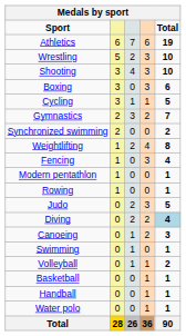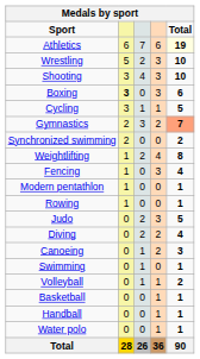 <table class="wikitable" style="font-size:85%; float: right;">
 <tr style="background:#efefef;">
 <th colspan=5>Medals by sport</th>
 </tr>
 <tr align=center>
 <td><strong>Sport</strong></td>
 <td bgcolor=#f7f6a8></td>
 <td bgcolor=#dce5e5></td>
 <td bgcolor=#ffdab9></td>
 <td><strong>Total</strong></td>
 </tr>
 <tr align=center>
 <td><a href='#'>Athletics</a></td>
 <td style="background:#F7F6A8;">6</td>
 <td style="background:#DCE5E5;">7</td>
 <td style="background:#FFDAB9;">6</td>
-<td><strong>19</strong></td>
+<td style="background: lightyellow;"><strong>19</strong></td>
 </tr>
 <tr align=center>
 <td><a href='#'>Wrestling</a></td>
 <td style="background:#F7F6A8;">5</td>
 <td style="background:#DCE5E5;">2</td>
 <td style="background:#FFDAB9;">3</td>
 <td><strong>10</strong></td>
 </tr>
 <tr align=center>
 <td><a href='#'>Shooting</a></td>
 <td style="background:#F7F6A8;">3</td>
 <td style="background:#DCE5E5;">4</td>
 <td style="background:#FFDAB9;">3</td>
 <td><strong>10</strong></td>
 </tr>
 <tr align=center>
 <td><a href='#'>Boxing</a></td>
-<td style="background:#F7F6A8;">3</td>
+<td style="background:#F7F6A8;"><strong>3</strong></td>
 <td style="background:#DCE5E5;">0</td>
 <td style="background:#FFDAB9;">3</td>
 <td><strong>6</strong></td>
 </tr>
 <tr align=center>
 <td><a href='#'>Cycling</a></td>
 <td style="background:#F7F6A8;">3</td>
 <td style="background:#DCE5E5;">1</td>
 <td style="background:#FFDAB9;">1</td>
 <td><strong>5</strong></td>
 </tr>
 <tr align=center>
 <td><a href='#'>Gymnastics</a></td>
 <td style="background:#F7F6A8;">2</td>
 <td style="background:#DCE5E5;">3</td>
 <td style="background:#FFDAB9;">2</td>
-<td><strong>7</strong></td>
+<td style="background: lightsalmon;"><strong>7</strong></td>
 </tr>
 <tr align=center>
 <td><a href='#'>Synchronized swimming</a></td>
 <td style="background:#F7F6A8;">2</td>
 <td style="background:#DCE5E5;">0</td>
 <td style="background:#FFDAB9;">0</td>
 <td><strong>2</strong></td>
 </tr>
 <tr align=center>
 <td><a href='#'>Weightlifting</a></td>
 <td style="background:#F7F6A8;">1</td>
 <td style="background:#DCE5E5;">2</td>
 <td style="background:#FFDAB9;">4</td>
 <td><strong>8</strong></td>
 </tr>
 <tr align=center>
 <td><a href='#'>Fencing</a></td>
 <td style="background:#F7F6A8;">1</td>
 <td style="background:#DCE5E5;">0</td>
 <td style="background:#FFDAB9;">3</td>
 <td><strong>4</strong></td>
 </tr>
 <tr align=center>
 <td><a href='#'>Modern pentathlon</a></td>
 <td style="background:#F7F6A8;">1</td>
 <td style="background:#DCE5E5;">0</td>
 <td style="background:#FFDAB9;">0</td>
 <td><strong>1</strong></td>
 </tr>
 <tr align=center>
 <td><a href='#'>Rowing</a></td>
 <td style="background:#F7F6A8;">1</td>
 <td style="background:#DCE5E5;">0</td>
 <td style="background:#FFDAB9;">0</td>
 <td><strong>1</strong></td>
 </tr>
 <tr align=center>
 <td><a href='#'>Judo</a></td>
 <td style="background:#F7F6A8;">0</td>
 <td style="background:#DCE5E5;">2</td>
 <td style="background:#FFDAB9;">3</td>
 <td><strong>5</strong></td>
 </tr>
 <tr align=center>
 <td><a href='#'>Diving</a></td>
 <td style="background:#F7F6A8;">0</td>
 <td style="background:#DCE5E5;">2</td>
 <td style="background:#FFDAB9;">2</td>
-<td style="background: lightblue;"><strong>4</strong></td>
+<td><strong>4</strong></td>
 </tr>
 <tr align=center>
 <td><a href='#'>Canoeing</a></td>
 <td style="background:#F7F6A8;">0</td>
 <td style="background:#DCE5E5;">1</td>
 <td style="background:#FFDAB9;">2</td>
 <td><strong>3</strong></td>
 </tr>
 <tr align=center>
 <td><a href='#'>Swimming</a></td>
 <td style="background:#F7F6A8;">0</td>
 <td style="background:#DCE5E5;">1</td>
 <td style="background:#FFDAB9;">0</td>
 <td><strong>1</strong></td>
 </tr>
 <tr align=center>
 <td><a href='#'>Volleyball</a></td>
 <td style="background:#F7F6A8;">0</td>
 <td style="background:#DCE5E5;">1</td>
 <td style="background:#FFDAB9;">1</td>
 <td><strong>2</strong></td>
 </tr>
 <tr align=center>
 <td><a href='#'>Basketball</a></td>
 <td style="background:#F7F6A8;">0</td>
 <td style="background:#DCE5E5;">0</td>
 <td style="background:#FFDAB9;">1</td>
 <td><strong>1</strong></td>
 </tr>
 <tr align=center>
 <td><a href='#'>Handball</a></td>
 <td style="background:#F7F6A8;">0</td>
 <td style="background:#DCE5E5;">0</td>
 <td style="background:#FFDAB9;">1</td>
 <td><strong>1</strong></td>
 </tr>
 <tr align=center>
 <td><a href='#'>Water polo</a></td>
 <td style="background:#F7F6A8;">0</td>
 <td style="background:#DCE5E5;">0</td>
 <td style="background:#FFDAB9;">1</td>
 <td><strong>1</strong></td>
 </tr>
 <tr align=center>
 <th>Total</th>
 <th style="background:gold;">28</th>
 <th style="background:silver;">26</th>
 <th style="background:#c96;">36</th>
 <th>90</th>
 </tr>
 </table>
